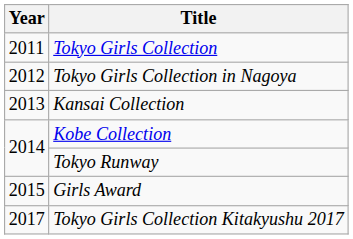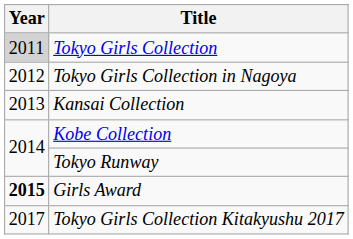 <table class="wikitable">
 <tr>
 <th>Year</th>
 <th>Title</th>
 </tr>
 <tr>
-<td>2011</td>
+<td style="background: lightgrey;">2011</td>
 <td><em><a href='#'>Tokyo Girls Collection</a></em></td>
 </tr>
 <tr>
 <td>2012</td>
 <td><em>Tokyo Girls Collection in Nagoya</em></td>
 </tr>
 <tr>
 <td>2013</td>
 <td><em>Kansai Collection</em></td>
 </tr>
 <tr>
 <td rowspan="2">2014</td>
 <td><em><a href='#'>Kobe Collection</a></em></td>
 </tr>
 <tr>
 <td><em>Tokyo Runway</em></td>
 </tr>
 <tr>
-<td>2015</td>
+<td><strong>2015</strong></td>
 <td><em>Girls Award</em></td>
 </tr>
 <tr>
 <td>2017</td>
 <td><em>Tokyo Girls Collection Kitakyushu 2017</em></td>
 </tr>
 </table>
